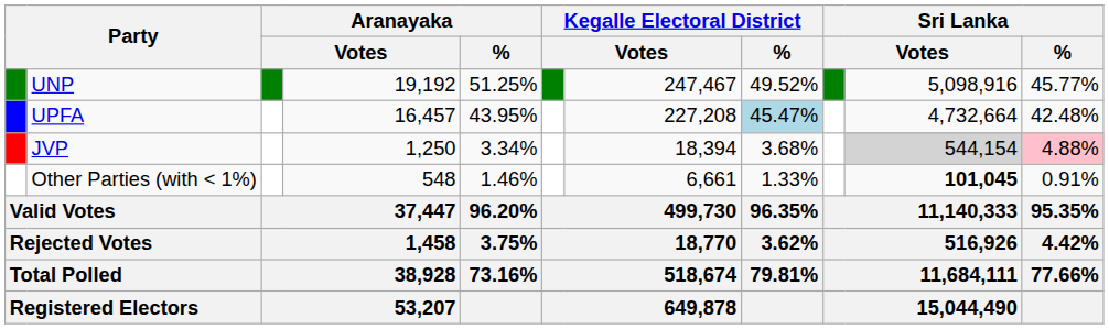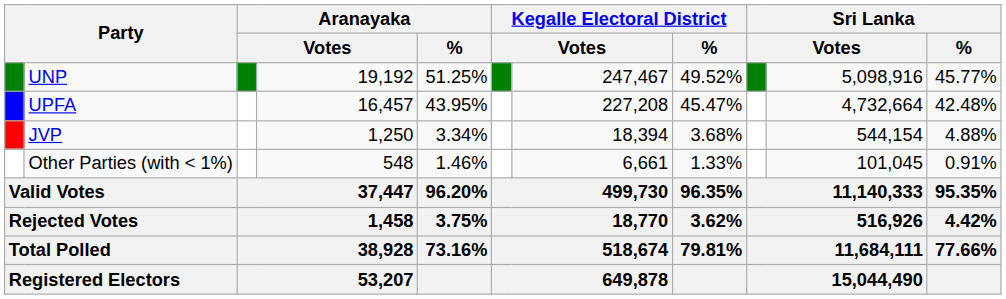 <table class="wikitable">
 <tr>
 <th colspan="2" width="144px"rowspan="2">Party</th>
 <th colspan="3" width="216px">Aranayaka</th>
 <th colspan="3" width="216px"><a href='#'>Kegalle Electoral District</a></th>
 <th colspan="3" width="216px">Sri Lanka</th>
 </tr>
 <tr>
 <th colspan="2" width="144px">Votes</th>
 <th>%</th>
 <th colspan="2" width="144px">Votes</th>
 <th>%</th>
 <th colspan="2" width="144px">Votes</th>
 <th>%</th>
 </tr>
 <tr>
 <td style="background-color:green;" width="10px"></td>
 <td style="text-align:left;"><a href='#'>UNP</a></td>
 <td style="background-color:green;" width="10px"></td>
 <td style="text-align:right;">19,192</td>
 <td style="text-align:right;">51.25%</td>
 <td style="background-color:green;" width="10px"></td>
 <td style="text-align:right;">247,467</td>
 <td style="text-align:right;">49.52%</td>
 <td style="background-color:green;" width="10px"></td>
 <td style="text-align:right;">5,098,916</td>
 <td style="text-align:right;">45.77%</td>
 </tr>
 <tr>
 <td style="background-color:blue;" width="10px"></td>
 <td style="text-align:left;"><a href='#'>UPFA</a></td>
 <td style="background-color:white;" width="10px"></td>
 <td style="text-align:right;">16,457</td>
 <td style="text-align:right;">43.95%</td>
 <td style="background-color:white;" width="10px"></td>
 <td style="text-align:right;">227,208</td>
-<td style="background: lightblue; text-align:right;">45.47%</td>
+<td style="text-align:right;">45.47%</td>
 <td style="background-color:white;" width="10px"></td>
 <td style="text-align:right;">4,732,664</td>
 <td style="text-align:right;">42.48%</td>
 </tr>
 <tr>
 <td style="background-color:red;" width="10px"></td>
 <td style="text-align:left;"><a href='#'>JVP</a></td>
 <td style="background-color:white;" width="10px"></td>
 <td style="text-align:right;">1,250</td>
 <td style="text-align:right;">3.34%</td>
 <td style="background-color:white;" width="10px"></td>
 <td style="text-align:right;">18,394</td>
 <td style="text-align:right;">3.68%</td>
 <td style="background-color:white;" width="10px"></td>
-<td style="background: lightgrey; text-align:right;">544,154</td>
-<td style="background: pink; text-align:right;">4.88%</td>
+<td style="text-align:right;">544,154</td>
+<td style="text-align:right;">4.88%</td>
 </tr>
 <tr>
 <td style="background-color:white;" width="10px"></td>
 <td style="text-align:left;">Other Parties (with < 1%)</td>
 <td style="background-color:white;" width="10px"></td>
 <td style="text-align:right;">548</td>
 <td style="text-align:right;">1.46%</td>
 <td style="background-color:white;" width="10px"></td>
 <td style="text-align:right;">6,661</td>
 <td style="text-align:right;">1.33%</td>
 <td style="background-color:white;" width="10px"></td>
-<td style="text-align:right;"><strong>101,045</strong></td>
+<td style="text-align:right;">101,045</td>
 <td style="text-align:right;">0.91%</td>
 </tr>
 <tr>
 <th colspan="2" width="144px"style="text-align:left;">Valid Votes</th>
 <th style="text-align:right;"colspan="2" width="144px">37,447</th>
 <th style="text-align:right;">96.20%</th>
 <th style="text-align:right;"colspan="2" width="144px">499,730</th>
 <th style="text-align:right;">96.35%</th>
 <th style="text-align:right;"colspan="2" width="144px">11,140,333</th>
 <th style="text-align:right;">95.35%</th>
 </tr>
 <tr>
 <th colspan="2" width="144px"style="text-align:left;">Rejected Votes</th>
 <th style="text-align:right;"colspan="2" width="144px">1,458</th>
 <th style="text-align:right;">3.75%</th>
 <th style="text-align:right;"colspan="2" width="144px">18,770</th>
 <th style="text-align:right;">3.62%</th>
 <th style="text-align:right;"colspan="2" width="144px">516,926</th>
 <th style="text-align:right;">4.42%</th>
 </tr>
 <tr>
 <th colspan="2" width="144px"style="text-align:left;">Total Polled</th>
 <th style="text-align:right;"colspan="2" width="144px">38,928</th>
 <th style="text-align:right;">73.16%</th>
 <th style="text-align:right;"colspan="2" width="144px">518,674</th>
 <th style="text-align:right;">79.81%</th>
 <th style="text-align:right;"colspan="2" width="144px">11,684,111</th>
 <th style="text-align:right;">77.66%</th>
 </tr>
 <tr>
 <th colspan="2" width="144px"style="text-align:left;">Registered Electors</th>
 <th style="text-align:right;"colspan="2" width="144px">53,207</th>
 <th></th>
 <th style="text-align:right;"colspan="2" width="144px">649,878</th>
 <th></th>
 <th style="text-align:right;"colspan="2" width="144px">15,044,490</th>
 <th></th>
 </tr>
 </table>
